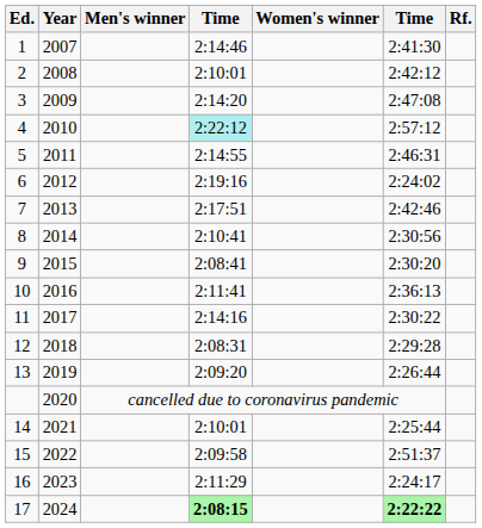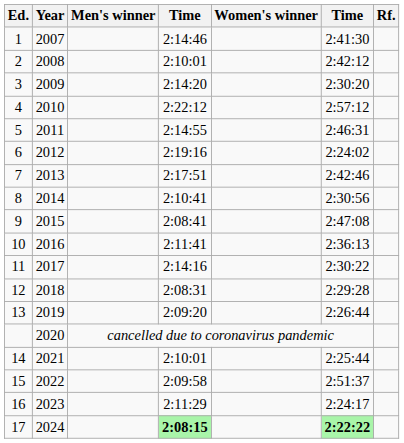 <table class="wikitable sortable" style="text-align:center">
 <tr>
 <th class="unsortable">Ed.</th>
 <th>Year</th>
 <th>Men's winner</th>
 <th>Time</th>
 <th>Women's winner</th>
 <th>Time</th>
 <th class="unsortable">Rf.</th>
 </tr>
 <tr>
 <td>1</td>
 <td>2007</td>
 <td align=left></td>
 <td>2:14:46</td>
 <td align=left></td>
 <td>2:41:30</td>
 <td></td>
 </tr>
 <tr>
 <td>2</td>
 <td>2008</td>
 <td align=left></td>
 <td>2:10:01</td>
 <td align=left></td>
 <td>2:42:12</td>
 <td></td>
 </tr>
 <tr>
 <td>3</td>
 <td>2009</td>
 <td align=left></td>
 <td>2:14:20</td>
 <td align=left></td>
-<td>2:47:08</td>
+<td>2:30:20</td>
 <td></td>
 </tr>
 <tr>
 <td>4</td>
 <td>2010</td>
 <td align=left></td>
-<td style="background: paleturquoise;">2:22:12</td>
+<td>2:22:12</td>
 <td align=left></td>
 <td>2:57:12</td>
 <td></td>
 </tr>
 <tr>
 <td>5</td>
 <td>2011</td>
 <td align=left></td>
 <td>2:14:55</td>
 <td align=left></td>
 <td>2:46:31</td>
 <td></td>
 </tr>
 <tr>
 <td>6</td>
 <td>2012</td>
 <td align=left></td>
 <td>2:19:16</td>
 <td align=left></td>
 <td>2:24:02</td>
 <td></td>
 </tr>
 <tr>
 <td>7</td>
 <td>2013</td>
 <td align=left></td>
 <td>2:17:51</td>
 <td align=left></td>
 <td>2:42:46</td>
 <td></td>
 </tr>
 <tr>
 <td>8</td>
 <td>2014</td>
 <td align=left></td>
 <td>2:10:41</td>
 <td align=left></td>
 <td>2:30:56</td>
 <td></td>
 </tr>
 <tr>
 <td>9</td>
 <td>2015</td>
 <td align=left></td>
 <td>2:08:41</td>
 <td align=left></td>
-<td>2:30:20</td>
+<td>2:47:08</td>
 <td></td>
 </tr>
 <tr>
 <td>10</td>
 <td>2016</td>
 <td align=left></td>
 <td>2:11:41</td>
 <td align=left></td>
 <td>2:36:13</td>
 <td></td>
 </tr>
 <tr>
 <td>11</td>
 <td>2017</td>
 <td align=left></td>
 <td>2:14:16</td>
 <td align=left></td>
 <td>2:30:22</td>
 <td></td>
 </tr>
 <tr>
 <td>12</td>
 <td>2018</td>
 <td align=left></td>
 <td>2:08:31</td>
 <td align=left></td>
 <td>2:29:28</td>
 <td></td>
 </tr>
 <tr>
 <td>13</td>
 <td>2019</td>
 <td align=left></td>
 <td>2:09:20</td>
 <td align=left></td>
 <td>2:26:44</td>
 <td></td>
 </tr>
 <tr>
 <td></td>
 <td>2020</td>
 <td colspan="4" align="center" data-sort-value=""><em>cancelled due to coronavirus pandemic</em></td>
 <td></td>
 </tr>
 <tr>
 <td>14</td>
 <td>2021</td>
 <td align=left></td>
 <td>2:10:01</td>
 <td align=left></td>
 <td>2:25:44</td>
 <td></td>
 </tr>
 <tr>
 <td>15</td>
 <td>2022</td>
 <td align=left></td>
 <td>2:09:58</td>
 <td align=left></td>
 <td>2:51:37</td>
 <td></td>
 </tr>
 <tr>
 <td>16</td>
 <td>2023</td>
 <td align=left></td>
 <td>2:11:29</td>
 <td align=left></td>
 <td>2:24:17</td>
 <td></td>
 </tr>
 <tr>
 <td>17</td>
 <td>2024</td>
 <td align=left></td>
 <td bgcolor=#A9F5A9><strong>2:08:15</strong></td>
 <td align=left></td>
 <td bgcolor=#A9F5A9><strong>2:22:22</strong></td>
 <td></td>
 </tr>
 </table>
